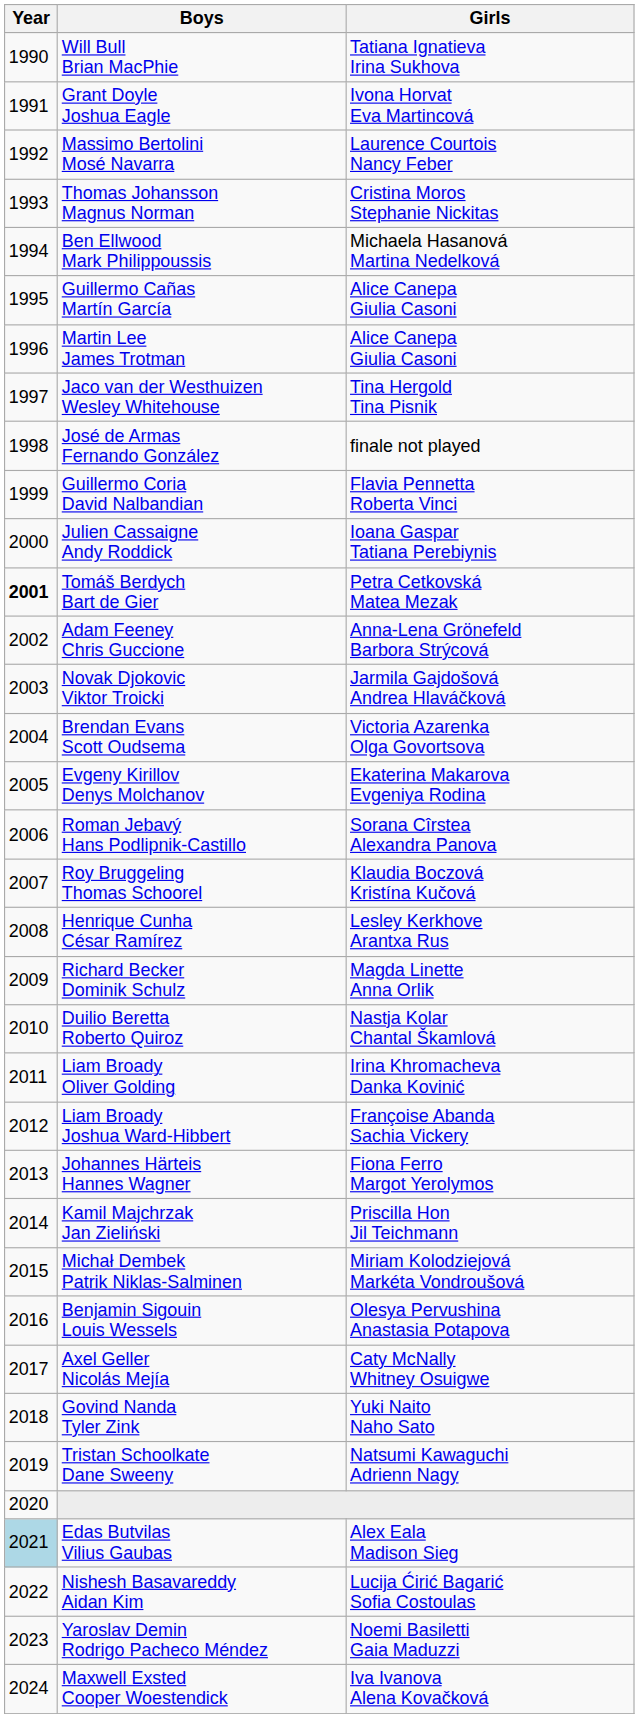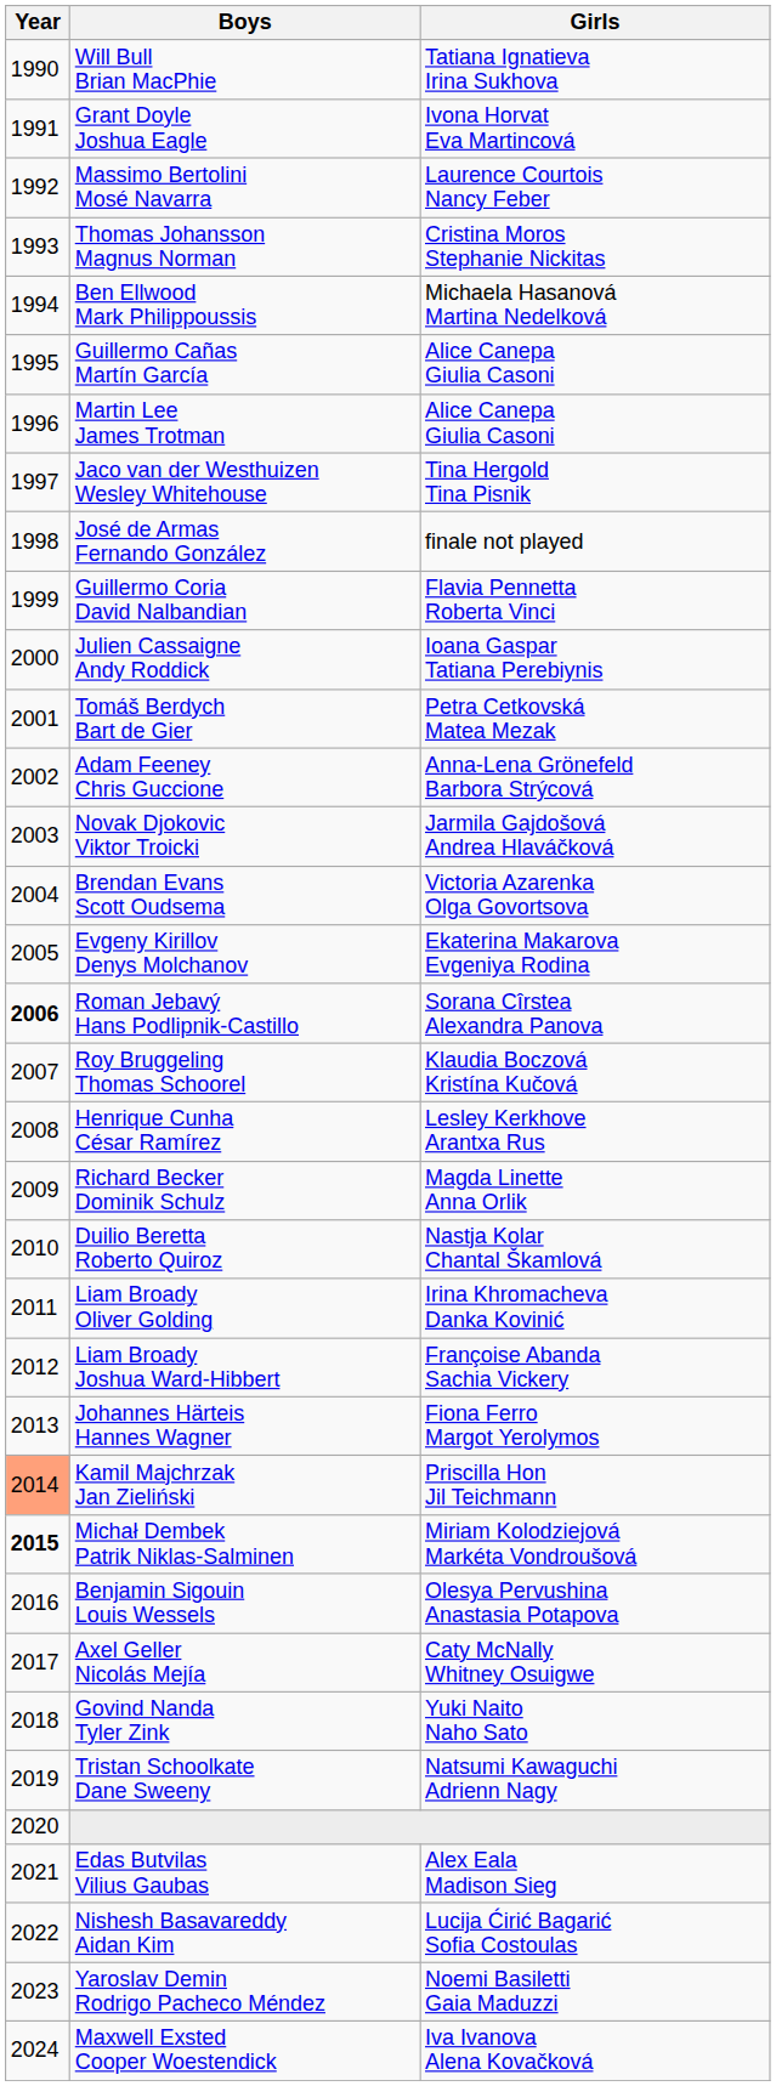 <table class="wikitable">
 <tr>
 <th style="width:40px;">Year</th>
 <th style="width:250px;">Boys</th>
 <th width=250>Girls</th>
 </tr>
 <tr>
 <td>1990</td>
 <td> <a href='#'>Will Bull</a> <br>  <a href='#'>Brian MacPhie</a></td>
 <td> <a href='#'>Tatiana Ignatieva</a> <br>  <a href='#'>Irina Sukhova</a></td>
 </tr>
 <tr>
 <td>1991</td>
 <td> <a href='#'>Grant Doyle</a> <br>  <a href='#'>Joshua Eagle</a></td>
 <td> <a href='#'>Ivona Horvat</a> <br>  <a href='#'>Eva Martincová</a></td>
 </tr>
 <tr>
 <td>1992</td>
 <td> <a href='#'>Massimo Bertolini</a> <br>  <a href='#'>Mosé Navarra</a></td>
 <td> <a href='#'>Laurence Courtois</a> <br>  <a href='#'>Nancy Feber</a></td>
 </tr>
 <tr>
 <td>1993</td>
 <td> <a href='#'>Thomas Johansson</a> <br>  <a href='#'>Magnus Norman</a></td>
 <td> <a href='#'>Cristina Moros</a> <br>  <a href='#'>Stephanie Nickitas</a></td>
 </tr>
 <tr>
 <td>1994</td>
 <td> <a href='#'>Ben Ellwood</a> <br>  <a href='#'>Mark Philippoussis</a></td>
 <td> Michaela Hasanová <br>  <a href='#'>Martina Nedelková</a></td>
 </tr>
 <tr>
 <td>1995</td>
 <td> <a href='#'>Guillermo Cañas</a> <br>  <a href='#'>Martín García</a></td>
 <td> <a href='#'>Alice Canepa</a> <br>  <a href='#'>Giulia Casoni</a></td>
 </tr>
 <tr>
 <td>1996</td>
 <td> <a href='#'>Martin Lee</a> <br>  <a href='#'>James Trotman</a></td>
 <td> <a href='#'>Alice Canepa</a> <br>  <a href='#'>Giulia Casoni</a></td>
 </tr>
 <tr>
 <td>1997</td>
 <td> <a href='#'>Jaco van der Westhuizen</a> <br>  <a href='#'>Wesley Whitehouse</a></td>
 <td> <a href='#'>Tina Hergold</a> <br>  <a href='#'>Tina Pisnik</a></td>
 </tr>
 <tr>
 <td>1998</td>
 <td> <a href='#'>José de Armas</a> <br>  <a href='#'>Fernando González</a></td>
 <td>finale not played</td>
 </tr>
 <tr>
 <td>1999</td>
 <td> <a href='#'>Guillermo Coria</a> <br>  <a href='#'>David Nalbandian</a></td>
 <td> <a href='#'>Flavia Pennetta</a> <br>  <a href='#'>Roberta Vinci</a></td>
 </tr>
 <tr>
 <td>2000</td>
 <td> <a href='#'>Julien Cassaigne</a> <br>  <a href='#'>Andy Roddick</a></td>
 <td> <a href='#'>Ioana Gaspar</a> <br>  <a href='#'>Tatiana Perebiynis</a></td>
 </tr>
 <tr>
-<td><strong>2001</strong></td>
+<td>2001</td>
 <td> <a href='#'>Tomáš Berdych</a> <br>  <a href='#'>Bart de Gier</a></td>
 <td> <a href='#'>Petra Cetkovská</a> <br>  <a href='#'>Matea Mezak</a></td>
 </tr>
 <tr>
 <td>2002</td>
 <td> <a href='#'>Adam Feeney</a> <br>  <a href='#'>Chris Guccione</a></td>
 <td> <a href='#'>Anna-Lena Grönefeld</a> <br>  <a href='#'>Barbora Strýcová</a></td>
 </tr>
 <tr>
 <td>2003</td>
 <td> <a href='#'>Novak Djokovic</a> <br>  <a href='#'>Viktor Troicki</a></td>
 <td> <a href='#'>Jarmila Gajdošová</a> <br>  <a href='#'>Andrea Hlaváčková</a></td>
 </tr>
 <tr>
 <td>2004</td>
 <td> <a href='#'>Brendan Evans</a> <br>  <a href='#'>Scott Oudsema</a></td>
 <td> <a href='#'>Victoria Azarenka</a> <br>  <a href='#'>Olga Govortsova</a></td>
 </tr>
 <tr>
 <td>2005</td>
 <td> <a href='#'>Evgeny Kirillov</a> <br>  <a href='#'>Denys Molchanov</a></td>
 <td> <a href='#'>Ekaterina Makarova</a> <br>  <a href='#'>Evgeniya Rodina</a></td>
 </tr>
 <tr>
-<td>2006</td>
+<td><strong>2006</strong></td>
 <td> <a href='#'>Roman Jebavý</a> <br>  <a href='#'>Hans Podlipnik-Castillo</a></td>
 <td> <a href='#'>Sorana Cîrstea</a> <br>  <a href='#'>Alexandra Panova</a></td>
 </tr>
 <tr>
 <td>2007</td>
 <td> <a href='#'>Roy Bruggeling</a> <br>  <a href='#'>Thomas Schoorel</a></td>
 <td> <a href='#'>Klaudia Boczová</a> <br>  <a href='#'>Kristína Kučová</a></td>
 </tr>
 <tr>
 <td>2008</td>
 <td> <a href='#'>Henrique Cunha</a> <br>  <a href='#'>César Ramírez</a></td>
 <td> <a href='#'>Lesley Kerkhove</a> <br>  <a href='#'>Arantxa Rus</a></td>
 </tr>
 <tr>
 <td>2009</td>
 <td> <a href='#'>Richard Becker</a> <br>  <a href='#'>Dominik Schulz</a></td>
 <td> <a href='#'>Magda Linette</a> <br>  <a href='#'>Anna Orlik</a></td>
 </tr>
 <tr>
 <td>2010</td>
 <td> <a href='#'>Duilio Beretta</a> <br>  <a href='#'>Roberto Quiroz</a></td>
 <td> <a href='#'>Nastja Kolar</a> <br>  <a href='#'>Chantal Škamlová</a></td>
 </tr>
 <tr>
 <td>2011</td>
 <td> <a href='#'>Liam Broady</a> <br>  <a href='#'>Oliver Golding</a></td>
 <td> <a href='#'>Irina Khromacheva</a> <br>  <a href='#'>Danka Kovinić</a></td>
 </tr>
 <tr>
 <td>2012</td>
 <td> <a href='#'>Liam Broady</a> <br>  <a href='#'>Joshua Ward-Hibbert</a></td>
 <td> <a href='#'>Françoise Abanda</a> <br>  <a href='#'>Sachia Vickery</a></td>
 </tr>
 <tr>
 <td>2013</td>
 <td> <a href='#'>Johannes Härteis</a> <br>  <a href='#'>Hannes Wagner</a></td>
 <td> <a href='#'>Fiona Ferro</a> <br>  <a href='#'>Margot Yerolymos</a></td>
 </tr>
 <tr>
-<td>2014</td>
+<td style="background: lightsalmon;">2014</td>
 <td> <a href='#'>Kamil Majchrzak</a> <br>  <a href='#'>Jan Zieliński</a></td>
 <td> <a href='#'>Priscilla Hon</a> <br>  <a href='#'>Jil Teichmann</a></td>
 </tr>
 <tr>
-<td>2015</td>
+<td><strong>2015</strong></td>
 <td> <a href='#'>Michał Dembek</a> <br>  <a href='#'>Patrik Niklas-Salminen</a></td>
 <td> <a href='#'>Miriam Kolodziejová</a> <br>  <a href='#'>Markéta Vondroušová</a></td>
 </tr>
 <tr>
 <td>2016</td>
 <td> <a href='#'>Benjamin Sigouin</a> <br>  <a href='#'>Louis Wessels</a></td>
 <td> <a href='#'>Olesya Pervushina</a> <br>  <a href='#'>Anastasia Potapova</a></td>
 </tr>
 <tr>
 <td>2017</td>
 <td> <a href='#'>Axel Geller</a> <br>  <a href='#'>Nicolás Mejía</a></td>
 <td> <a href='#'>Caty McNally</a> <br>  <a href='#'>Whitney Osuigwe</a></td>
 </tr>
 <tr>
 <td>2018</td>
 <td> <a href='#'>Govind Nanda</a> <br>  <a href='#'>Tyler Zink</a></td>
 <td> <a href='#'>Yuki Naito</a> <br>  <a href='#'>Naho Sato</a></td>
 </tr>
 <tr>
 <td>2019</td>
 <td> <a href='#'>Tristan Schoolkate</a> <br>  <a href='#'>Dane Sweeny</a></td>
 <td> <a href='#'>Natsumi Kawaguchi</a> <br>  <a href='#'>Adrienn Nagy</a></td>
 </tr>
 <tr>
 <td>2020</td>
 <td colspan=2 bgcolor="#ededed"></td>
 </tr>
 <tr>
-<td style="background: lightblue;">2021</td>
+<td>2021</td>
 <td> <a href='#'>Edas Butvilas</a> <br>  <a href='#'>Vilius Gaubas</a></td>
 <td> <a href='#'>Alex Eala</a> <br>  <a href='#'>Madison Sieg</a></td>
 </tr>
 <tr>
 <td>2022</td>
 <td> <a href='#'>Nishesh Basavareddy</a><br>  <a href='#'>Aidan Kim</a></td>
 <td> <a href='#'>Lucija Ćirić Bagarić</a> <br>  <a href='#'>Sofia Costoulas</a></td>
 </tr>
 <tr>
 <td>2023</td>
 <td> <a href='#'>Yaroslav Demin</a><br>  <a href='#'>Rodrigo Pacheco Méndez</a></td>
 <td> <a href='#'>Noemi Basiletti</a> <br>  <a href='#'>Gaia Maduzzi</a></td>
 </tr>
 <tr>
 <td>2024</td>
 <td> <a href='#'>Maxwell Exsted</a><br>  <a href='#'>Cooper Woestendick</a></td>
 <td> <a href='#'>Iva Ivanova</a> <br>  <a href='#'>Alena Kovačková</a></td>
 </tr>
 </table>
